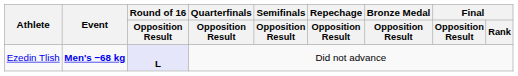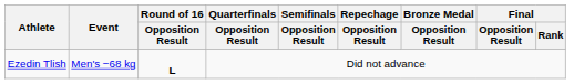 <table class="wikitable" style="font-size:90%">
 <tr>
 <th rowspan="2">Athlete</th>
 <th rowspan="2">Event</th>
 <th>Round of 16</th>
 <th>Quarterfinals</th>
 <th>Semifinals</th>
 <th>Repechage</th>
 <th>Bronze Medal</th>
 <th colspan=2>Final</th>
 </tr>
 <tr style="font-size:95%">
 <th>Opposition<br>Result</th>
 <th>Opposition<br>Result</th>
 <th>Opposition<br>Result</th>
 <th>Opposition<br>Result</th>
 <th>Opposition<br>Result</th>
 <th>Opposition<br>Result</th>
 <th>Rank</th>
 </tr>
 <tr align=center>
 <td align=left><a href='#'>Ezedin Tlish</a></td>
-<td align=left><strong><a href='#'>Men's −68 kg</a></strong></td>
-<td style="background: lavender;"><br><strong>L</strong> </td>
+<td align=left><a href='#'>Men's −68 kg</a></td>
+<td><br><strong>L</strong> </td>
 <td colspan=6>Did not advance</td>
 </tr>
 </table>
